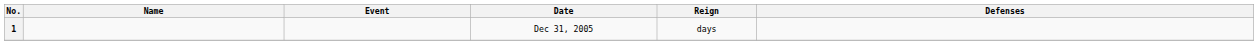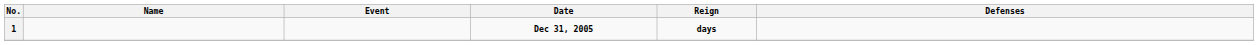 <table class="wikitable" width=100%>
 <tr>
 <th width=1%>No.</th>
 <th width=21%>Name</th>
 <th width=15%>Event</th>
 <th width=15%>Date</th>
 <th width=8%>Reign</th>
 <th width=48%>Defenses</th>
 </tr>
 <tr>
 <th>1</th>
 <td align=left><br></td>
 <td align=center><br></td>
-<td align=center>Dec 31, 2005</td>
-<td align=center> days</td>
+<td align=center><strong>Dec 31, 2005</strong></td>
+<td align=center><strong> days</strong></td>
 <td><br><br></td>
 </tr>
 <tr>
 </tr>
 </table>
